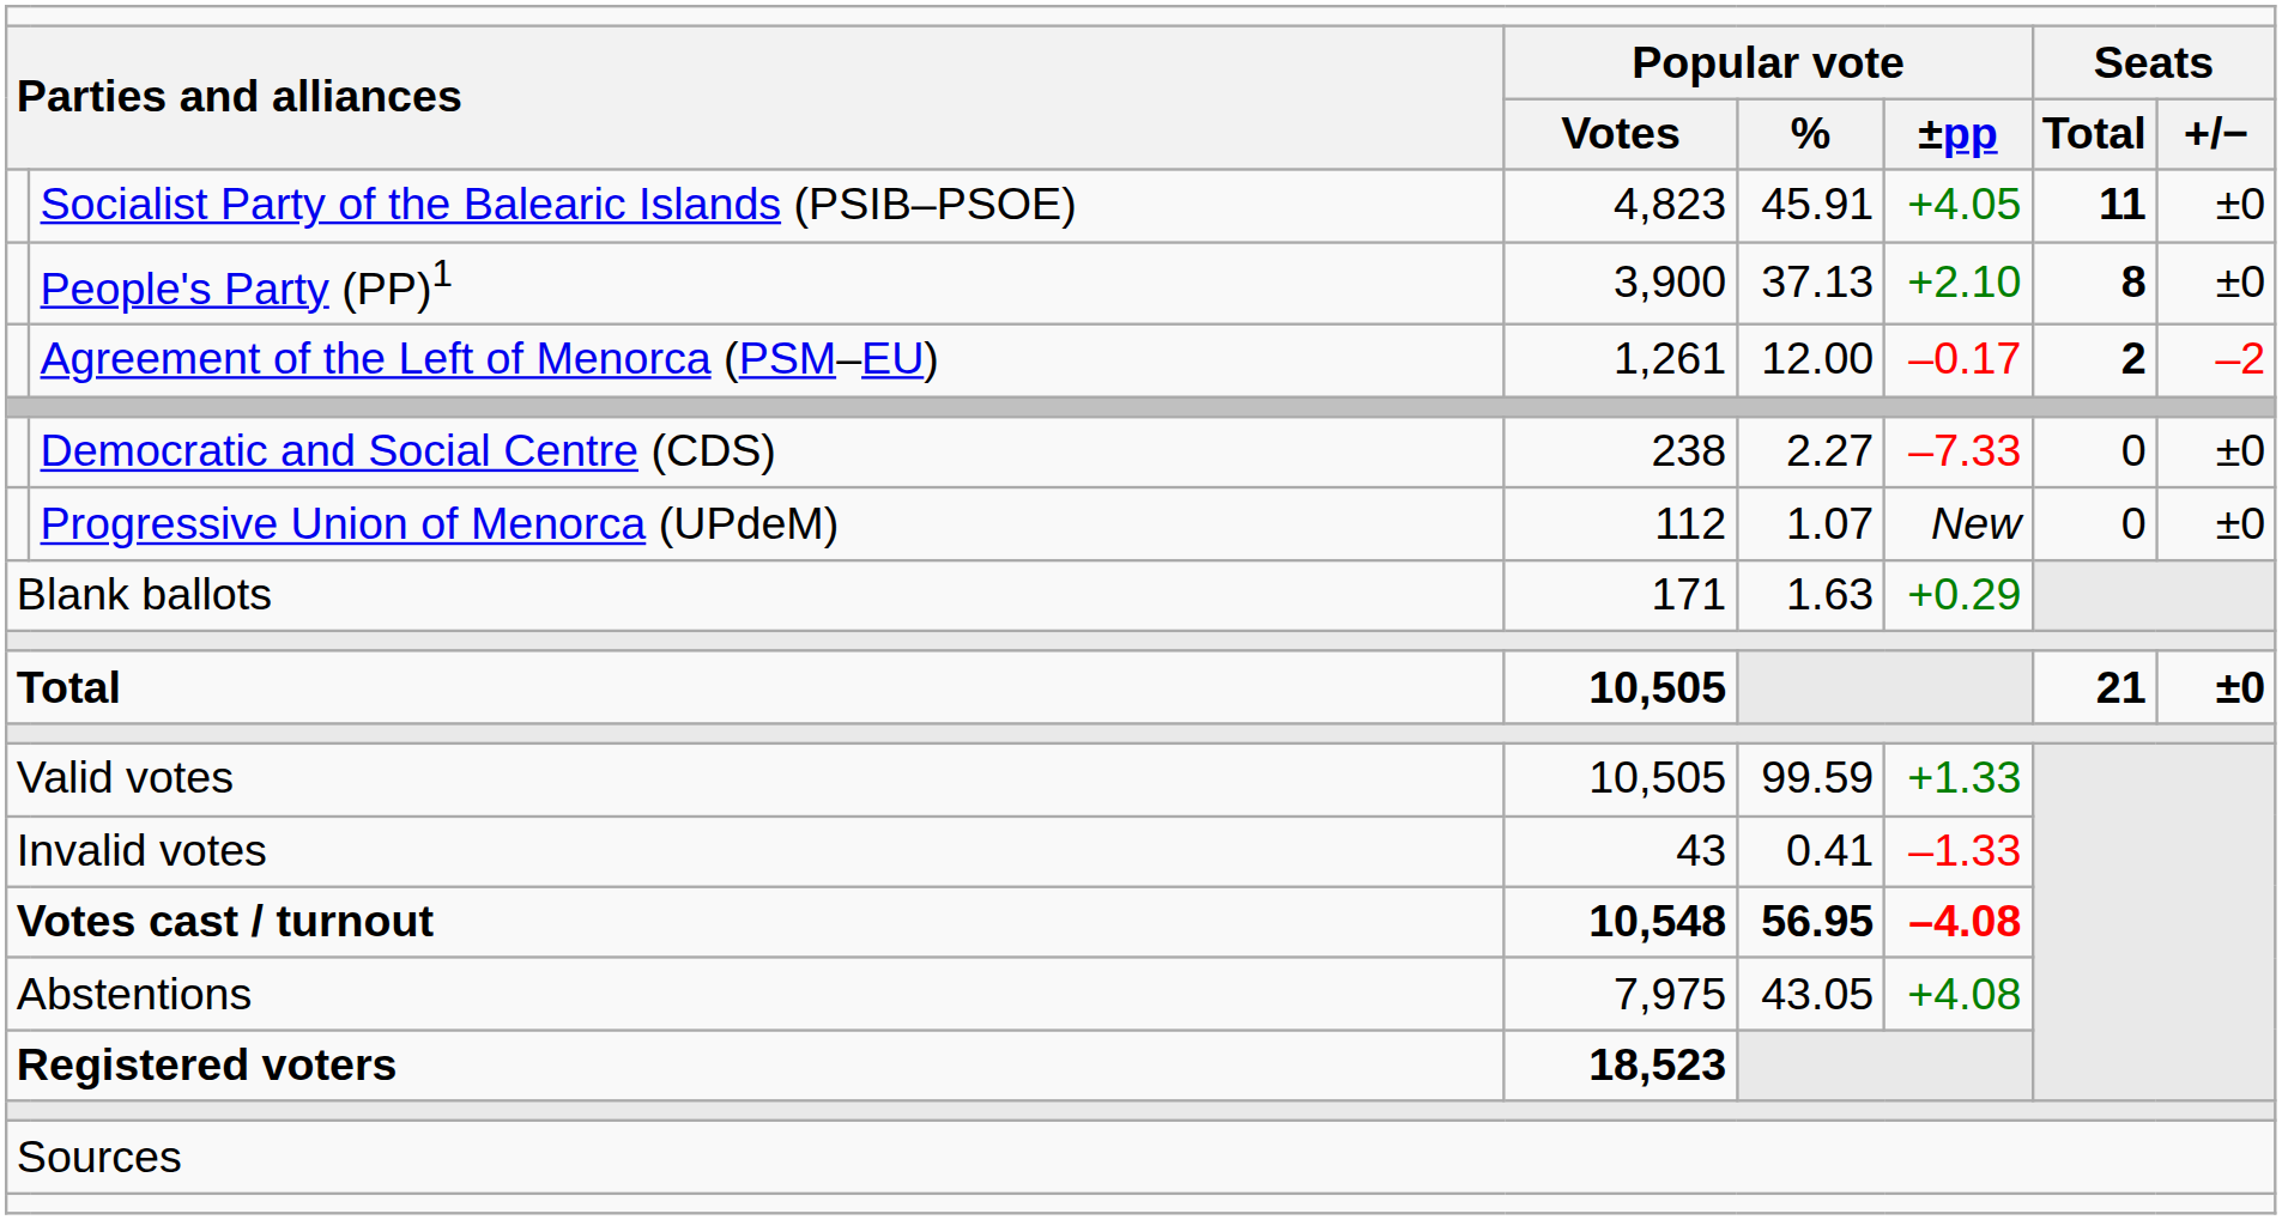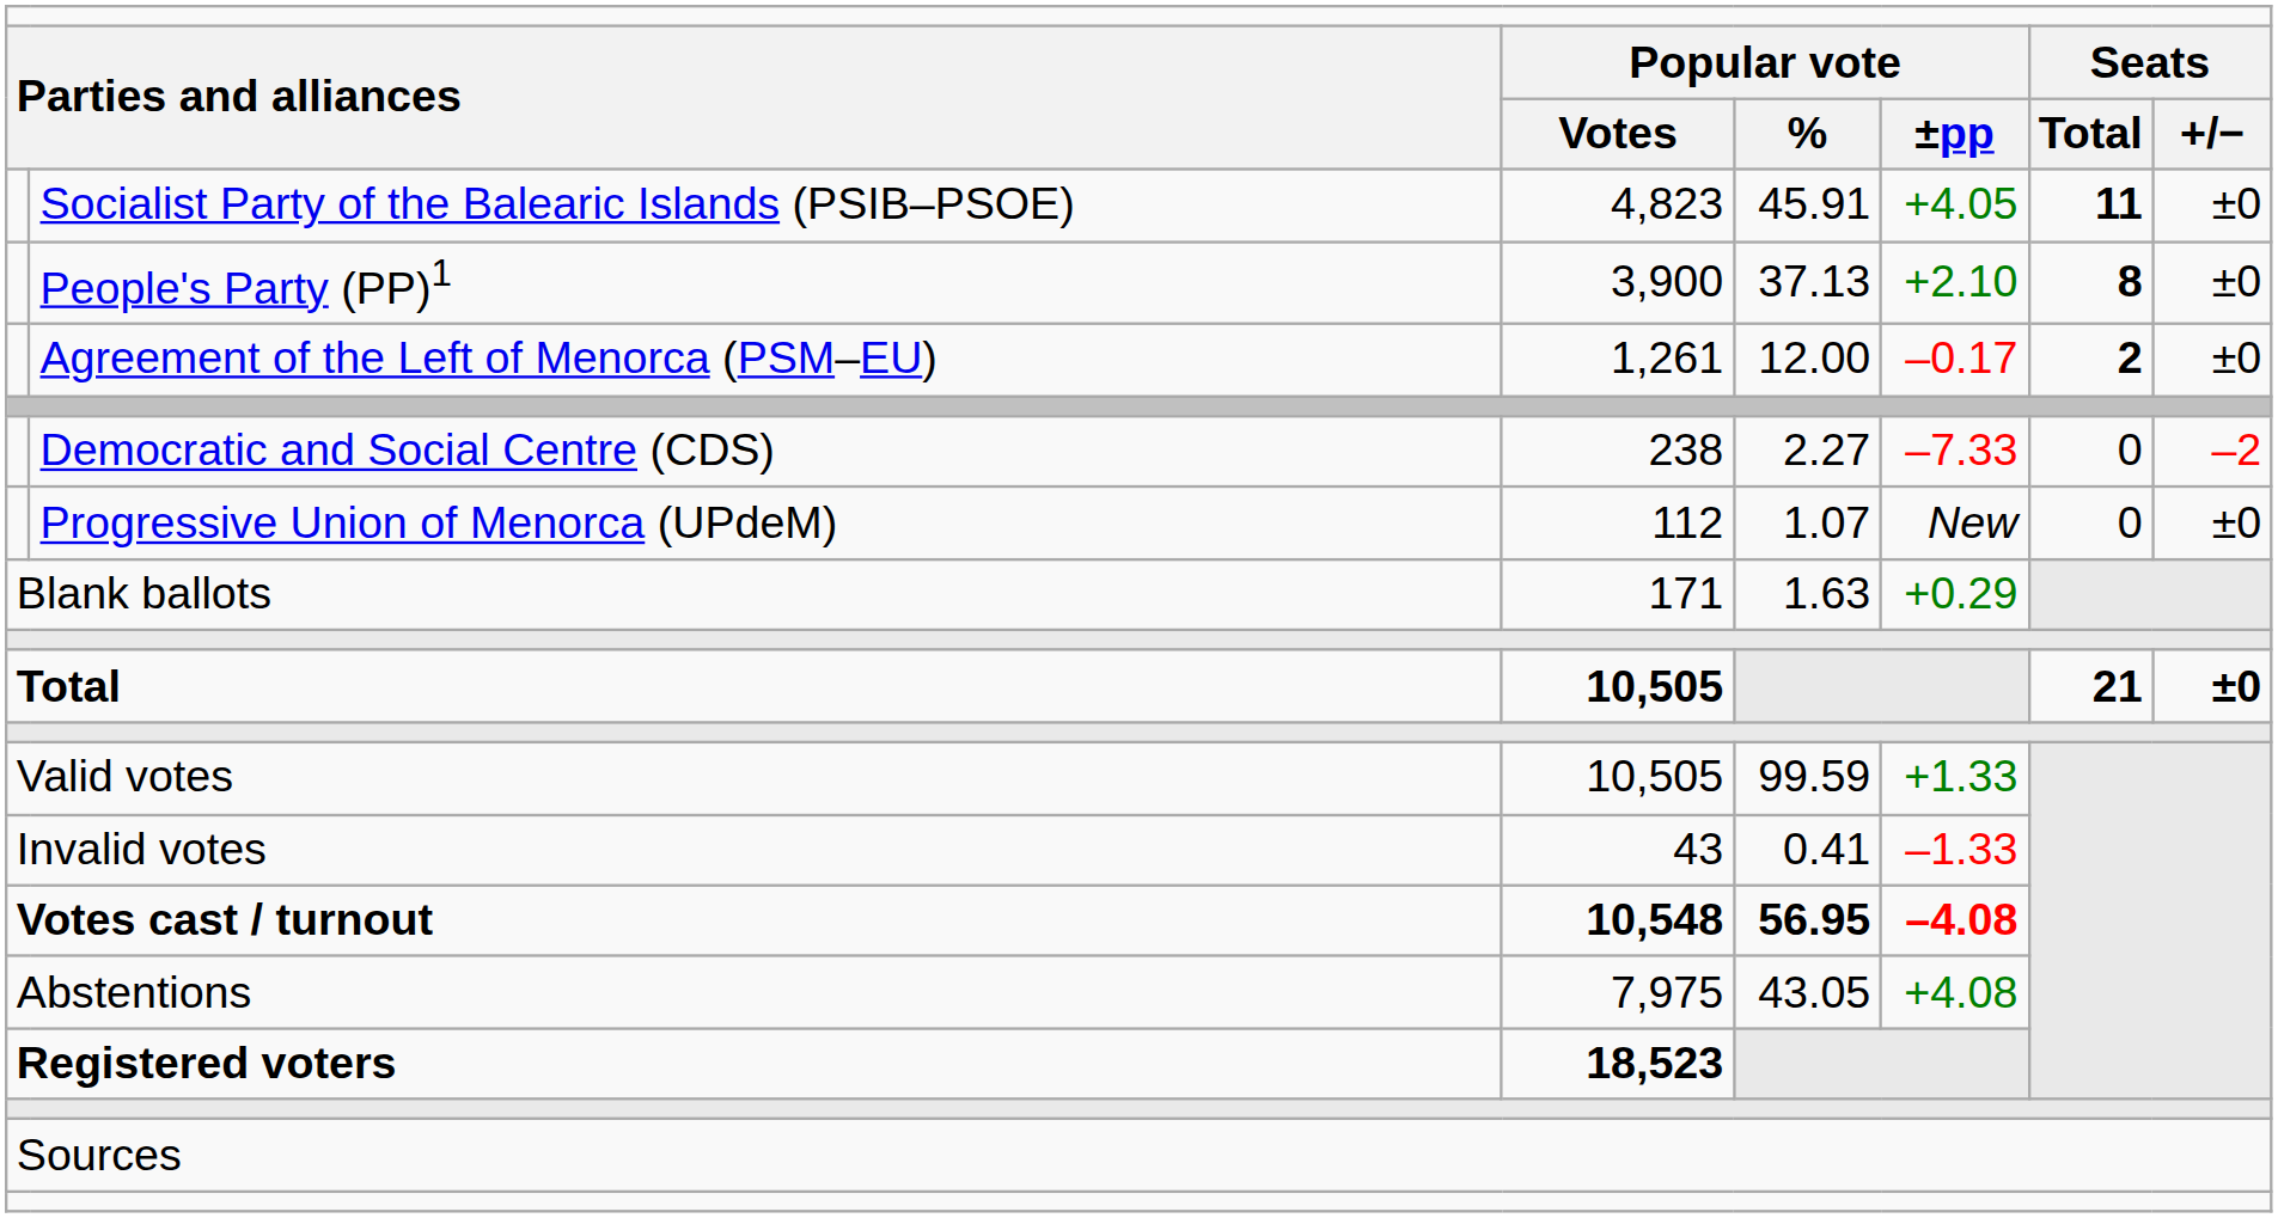 <table class="wikitable" style="text-align:right;">
 <tr>
 <td colspan="7"></td>
 </tr>
 <tr>
 <th style="text-align:left;" rowspan="2" colspan="2" width="525">Parties and alliances</th>
 <th colspan="3">Popular vote</th>
 <th colspan="2">Seats</th>
 </tr>
 <tr>
 <th width="75">Votes</th>
 <th width="45">%</th>
 <th width="45">±<a href='#'>pp</a></th>
 <th width="35">Total</th>
 <th width="35">+/−</th>
 </tr>
 <tr>
 <td width="1" style="color:inherit;background:"></td>
 <td align="left"><a href='#'>Socialist Party of the Balearic Islands</a> (PSIB–PSOE)</td>
 <td>4,823</td>
 <td>45.91</td>
 <td style="color:green;">+4.05</td>
 <td><strong>11</strong></td>
 <td>±0</td>
 </tr>
 <tr>
 <td style="color:inherit;background:"></td>
 <td align="left"><a href='#'>People's Party</a> (PP)<sup>1</sup></td>
 <td>3,900</td>
 <td>37.13</td>
 <td style="color:green;">+2.10</td>
 <td><strong>8</strong></td>
 <td>±0</td>
 </tr>
 <tr>
 <td style="color:inherit;background:"></td>
 <td align="left"><a href='#'>Agreement of the Left of Menorca</a> (<a href='#'>PSM</a>–<a href='#'>EU</a>)</td>
 <td>1,261</td>
 <td>12.00</td>
 <td style="color:red;">–0.17</td>
 <td><strong>2</strong></td>
-<td style="color:red;">–2</td>
+<td>±0</td>
 </tr>
 <tr>
 <td colspan="7" bgcolor="#C0C0C0"></td>
 </tr>
 <tr>
 <td style="color:inherit;background:"></td>
 <td align="left"><a href='#'>Democratic and Social Centre</a> (CDS)</td>
 <td>238</td>
 <td>2.27</td>
 <td style="color:red;">–7.33</td>
 <td>0</td>
-<td>±0</td>
+<td style="color:red;">–2</td>
 </tr>
 <tr>
 <td style="color:inherit;background:"></td>
 <td align="left"><a href='#'>Progressive Union of Menorca</a> (UPdeM)</td>
 <td>112</td>
 <td>1.07</td>
 <td><em>New</em></td>
 <td>0</td>
 <td>±0</td>
 </tr>
 <tr>
 <td align="left" colspan="2">Blank ballots</td>
 <td>171</td>
 <td>1.63</td>
 <td style="color:green;">+0.29</td>
 <td bgcolor="#E9E9E9" colspan="2"></td>
 </tr>
 <tr>
 <td colspan="7" bgcolor="#E9E9E9"></td>
 </tr>
 <tr style="font-weight:bold;">
 <td align="left" colspan="2">Total</td>
 <td>10,505</td>
 <td bgcolor="#E9E9E9" colspan="2"></td>
 <td>21</td>
 <td>±0</td>
 </tr>
 <tr>
 <td colspan="7" bgcolor="#E9E9E9"></td>
 </tr>
 <tr>
 <td align="left" colspan="2">Valid votes</td>
 <td>10,505</td>
 <td>99.59</td>
 <td style="color:green;">+1.33</td>
 <td bgcolor="#E9E9E9" colspan="2" rowspan="5"></td>
 </tr>
 <tr>
 <td align="left" colspan="2">Invalid votes</td>
 <td>43</td>
 <td>0.41</td>
 <td style="color:red;">–1.33</td>
 </tr>
 <tr style="font-weight:bold;">
 <td align="left" colspan="2">Votes cast / turnout</td>
 <td>10,548</td>
 <td>56.95</td>
 <td style="color:red;">–4.08</td>
 </tr>
 <tr>
 <td align="left" colspan="2">Abstentions</td>
 <td>7,975</td>
 <td>43.05</td>
 <td style="color:green;">+4.08</td>
 </tr>
 <tr style="font-weight:bold;">
 <td align="left" colspan="2">Registered voters</td>
 <td>18,523</td>
 <td bgcolor="#E9E9E9" colspan="2"></td>
 </tr>
 <tr>
 <td colspan="7" bgcolor="#E9E9E9"></td>
 </tr>
 <tr>
 <td align="left" colspan="7">Sources</td>
 </tr>
 <tr>
 <td colspan="7" style="text-align:left; max-width:790px;"></td>
 </tr>
 </table>
